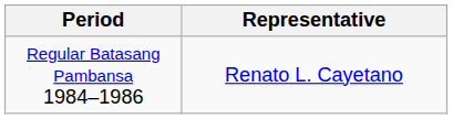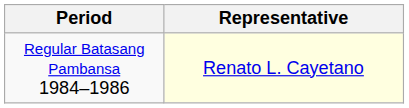 <table class="wikitable" style="text-align:center; width:40%;">
 <tr>
 <th width=40%>Period</th>
 <th>Representative</th>
 </tr>
 <tr>
 <td><small><a href='#'>Regular Batasang Pambansa</a></small><br>1984–1986</td>
-<td><a href='#'>Renato L. Cayetano</a></td>
+<td style="background: lightyellow;"><a href='#'>Renato L. Cayetano</a></td>
 </tr>
 </table>
